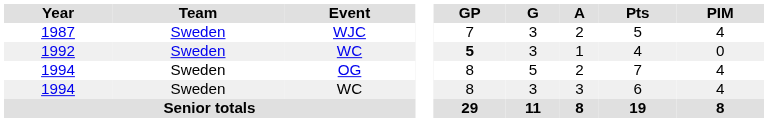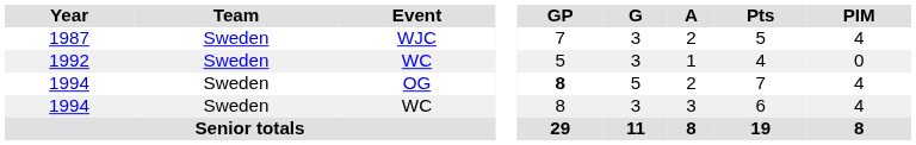 <table border="0" cellpadding="1" cellspacing="0" style="text-align:center; width:50em">
 <tr ALIGN="center" bgcolor="#e0e0e0">
 <th>Year</th>
 <th>Team</th>
 <th>Event</th>
 <th rowspan="99" bgcolor="#ffffff"> </th>
 <th>GP</th>
 <th>G</th>
 <th>A</th>
 <th>Pts</th>
 <th>PIM</th>
 </tr>
 <tr>
 <td><a href='#'>1987</a></td>
 <td><a href='#'>Sweden</a></td>
 <td><a href='#'>WJC</a></td>
 <td>7</td>
 <td>3</td>
 <td>2</td>
 <td>5</td>
 <td>4</td>
 </tr>
 <tr bgcolor="#f0f0f0">
 <td><a href='#'>1992</a></td>
 <td><a href='#'>Sweden</a></td>
 <td><a href='#'>WC</a></td>
-<td><strong>5</strong></td>
+<td>5</td>
 <td>3</td>
 <td>1</td>
 <td>4</td>
 <td>0</td>
 </tr>
 <tr>
 <td><a href='#'>1994</a></td>
 <td>Sweden</td>
 <td><a href='#'>OG</a></td>
-<td>8</td>
+<td><strong>8</strong></td>
 <td>5</td>
 <td>2</td>
 <td>7</td>
 <td>4</td>
 </tr>
 <tr bgcolor="#f0f0f0">
 <td><a href='#'>1994</a></td>
 <td>Sweden</td>
 <td>WC</td>
 <td>8</td>
 <td>3</td>
 <td>3</td>
 <td>6</td>
 <td>4</td>
 </tr>
 <tr bgcolor="#e0e0e0">
 <th colspan=3>Senior totals</th>
 <th>29</th>
 <th>11</th>
 <th>8</th>
 <th>19</th>
 <th>8</th>
 </tr>
 </table>
